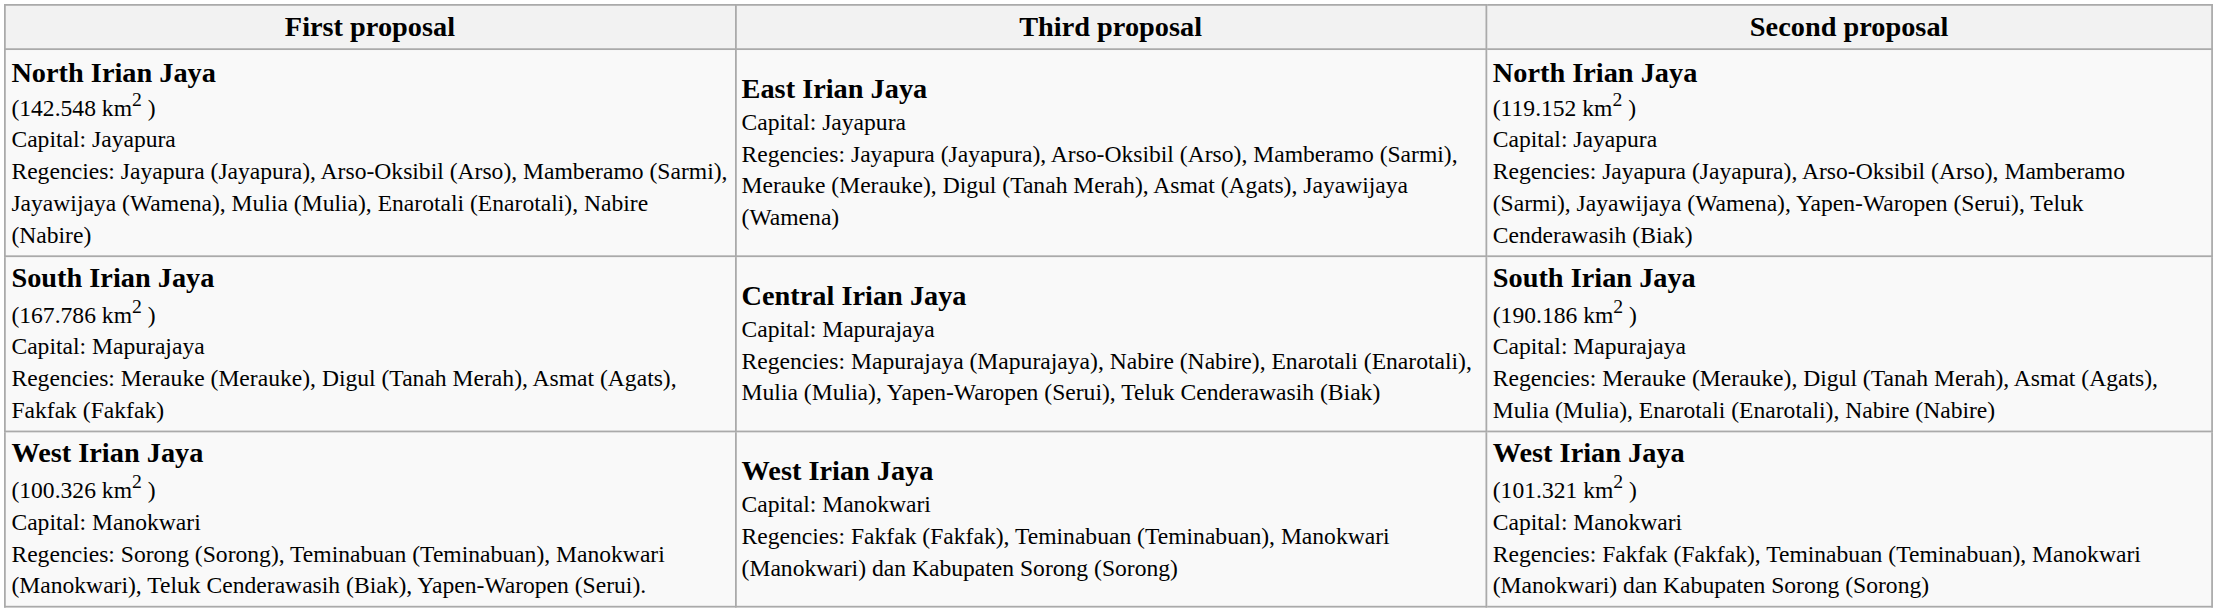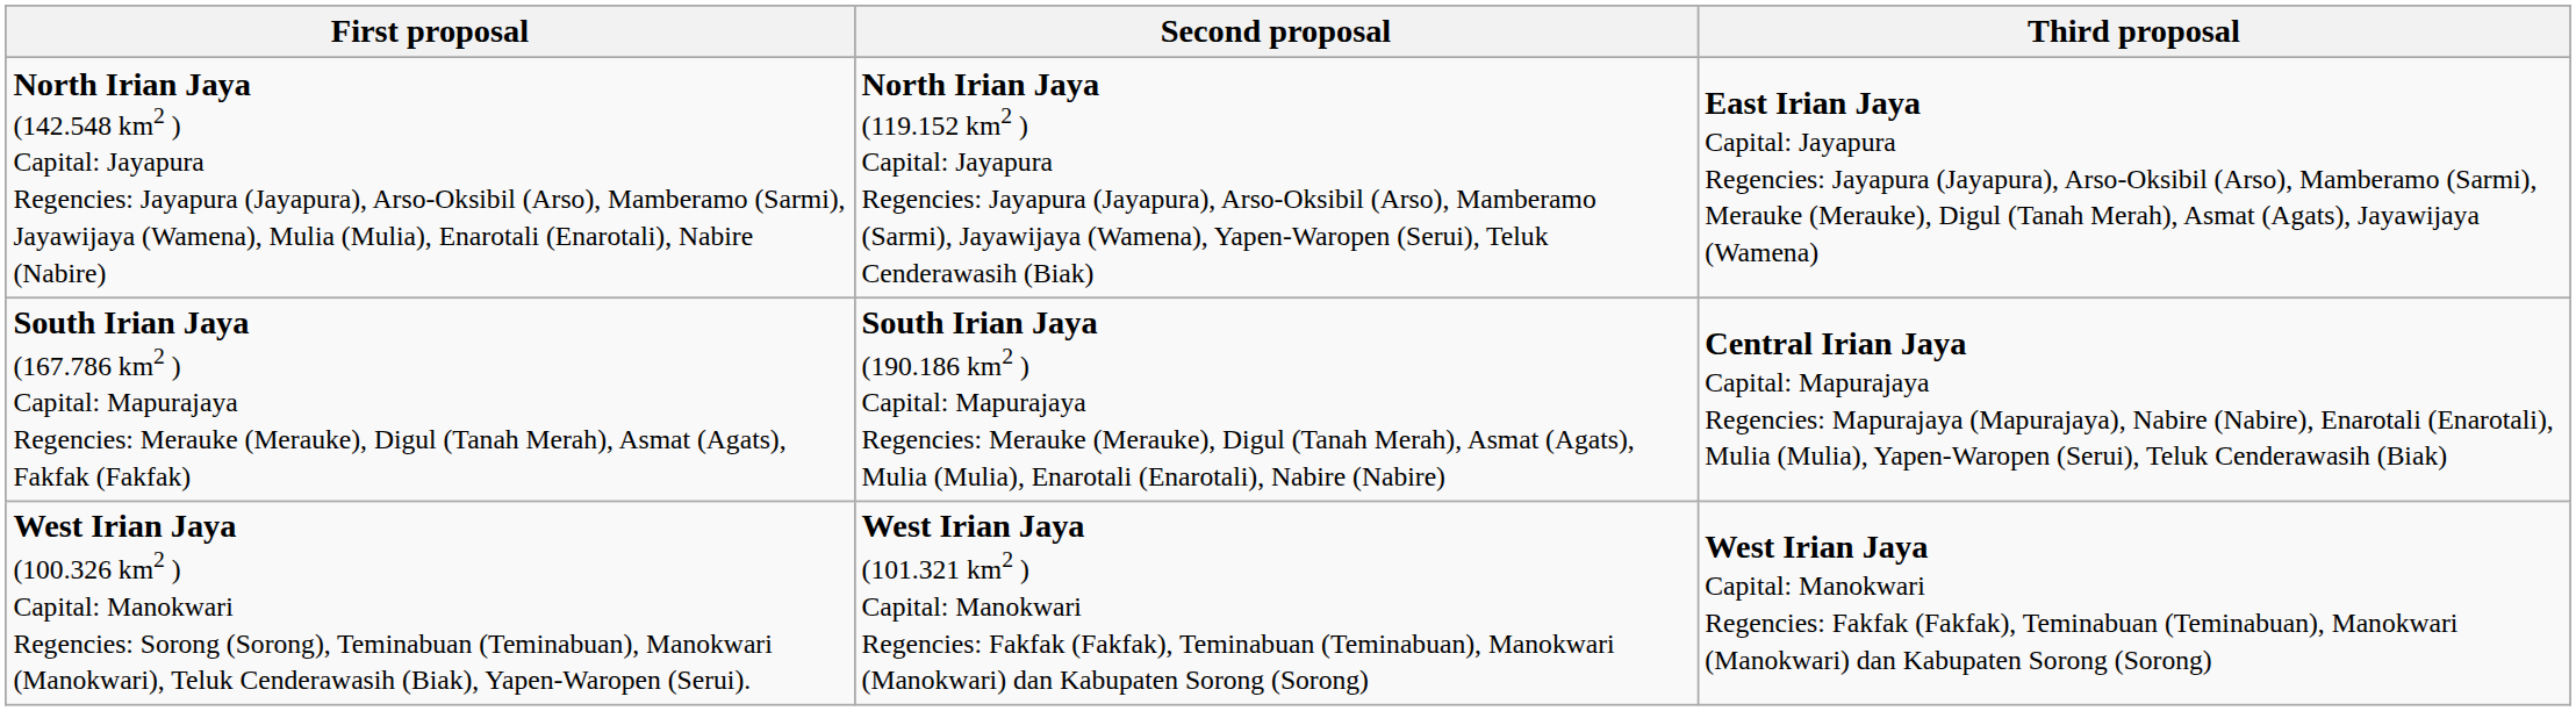 <table class="wikitable">
 <tr>
 <th>First proposal</th>
+<th>Second proposal</th>
 <th>Third proposal</th>
-<th>Second proposal</th>
 </tr>
 <tr>
 <td><strong>North Irian Jaya</strong><br><small>(142.548 km<sup>2</sup> )</small><br><small>Capital: Jayapura</small><br><small>Regencies: Jayapura (Jayapura), Arso-Oksibil (Arso), Mamberamo (Sarmi), Jayawijaya (Wamena), Mulia (Mulia), Enarotali (Enarotali), Nabire (Nabire)</small></td>
+<td><strong>North Irian Jaya</strong><br><small>(119.152 km<sup>2</sup> )</small><br><small>Capital: Jayapura</small><br><small>Regencies: Jayapura (Jayapura), Arso-Oksibil (Arso), Mamberamo (Sarmi), Jayawijaya (Wamena), Yapen-Waropen (Serui), Teluk Cenderawasih (Biak)</small></td>
 <td><strong>East Irian Jaya</strong><br><small>Capital: Jayapura</small><br><small>Regencies: Jayapura (Jayapura), Arso-Oksibil (Arso), Mamberamo (Sarmi), Merauke (Merauke), Digul (Tanah Merah), Asmat (Agats), Jayawijaya (Wamena)</small></td>
-<td><strong>North Irian Jaya</strong><br><small>(119.152 km<sup>2</sup> )</small><br><small>Capital: Jayapura</small><br><small>Regencies: Jayapura (Jayapura), Arso-Oksibil (Arso), Mamberamo (Sarmi), Jayawijaya (Wamena), Yapen-Waropen (Serui), Teluk Cenderawasih (Biak)</small></td>
 </tr>
 <tr>
 <td><strong>South Irian Jaya</strong><br><small>(167.786 km<sup>2</sup> )</small><br><small>Capital: Mapurajaya</small><br><small>Regencies: Merauke (Merauke), Digul (Tanah Merah), Asmat (Agats), Fakfak (Fakfak)</small></td>
+<td><strong>South Irian Jaya</strong><br><small>(190.186 km<sup>2</sup> )</small><br><small>Capital: Mapurajaya</small><br><small>Regencies: Merauke (Merauke), Digul (Tanah Merah), Asmat (Agats), Mulia (Mulia), Enarotali (Enarotali), Nabire (Nabire)</small></td>
 <td><strong>Central Irian Jaya</strong><br><small>Capital: Mapurajaya</small><br><small>Regencies: Mapurajaya (Mapurajaya), Nabire (Nabire), Enarotali (Enarotali), Mulia (Mulia), Yapen-Waropen (Serui), Teluk Cenderawasih (Biak)</small></td>
-<td><strong>South Irian Jaya</strong><br><small>(190.186 km<sup>2</sup> )</small><br><small>Capital: Mapurajaya</small><br><small>Regencies: Merauke (Merauke), Digul (Tanah Merah), Asmat (Agats), Mulia (Mulia), Enarotali (Enarotali), Nabire (Nabire)</small></td>
 </tr>
 <tr>
 <td><strong>West Irian Jaya</strong><br><small>(100.326 km<sup>2</sup> )</small><br><small>Capital: Manokwari</small><br><small>Regencies: Sorong (Sorong), Teminabuan (Teminabuan), Manokwari (Manokwari), Teluk Cenderawasih (Biak), Yapen-Waropen (Serui).</small></td>
+<td><strong>West Irian Jaya</strong><br><small>(101.321 km<sup>2</sup> )</small><br><small>Capital: Manokwari</small><br><small>Regencies: Fakfak (Fakfak), Teminabuan (Teminabuan), Manokwari (Manokwari) dan Kabupaten Sorong (Sorong)</small></td>
 <td><strong>West Irian Jaya</strong><br><small>Capital: Manokwari</small><br><small>Regencies: Fakfak (Fakfak), Teminabuan (Teminabuan), Manokwari (Manokwari) dan Kabupaten Sorong (Sorong)</small></td>
-<td><strong>West Irian Jaya</strong><br><small>(101.321 km<sup>2</sup> )</small><br><small>Capital: Manokwari</small><br><small>Regencies: Fakfak (Fakfak), Teminabuan (Teminabuan), Manokwari (Manokwari) dan Kabupaten Sorong (Sorong)</small></td>
 </tr>
 </table>
